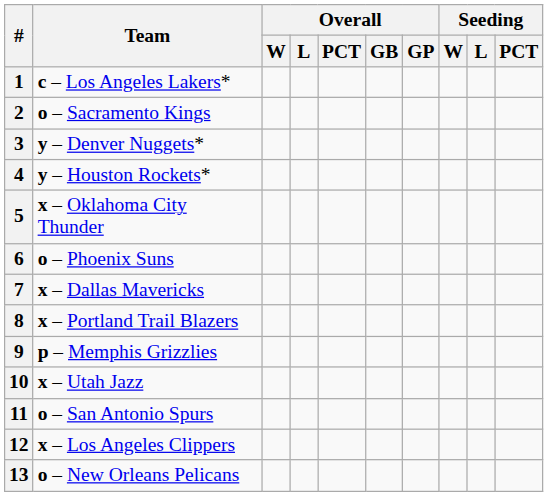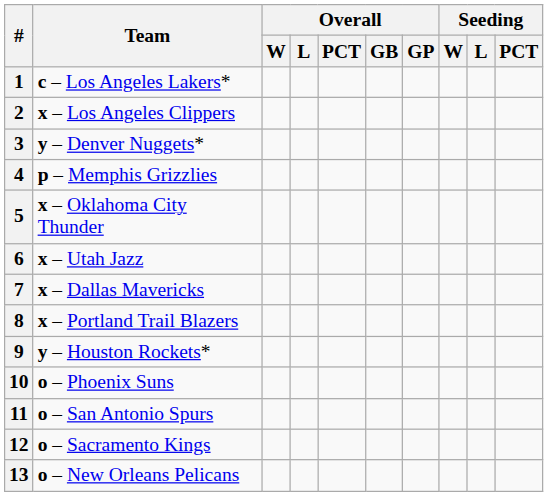 <table class="wikitable">
 <tr>
 <th rowspan="2" width="15">#</th>
 <th rowspan="2" width="180">Team</th>
 <th colspan="5">Overall</th>
 <th colspan="3">Seeding</th>
 </tr>
 <tr>
 <th width="15">W</th>
 <th width="15">L</th>
 <th>PCT</th>
 <th>GB</th>
 <th>GP</th>
 <th width="15">W</th>
 <th width="15">L</th>
 <th>PCT</th>
 </tr>
 <tr>
 <th>1</th>
 <td><strong>c</strong> – <a href='#'>Los Angeles Lakers</a>*</td>
 <td></td>
 <td></td>
 <td></td>
 <td></td>
 <td></td>
 <td></td>
 <td></td>
 <td></td>
 </tr>
 <tr>
 <th>2</th>
-<td><strong>o</strong> – <a href='#'>Sacramento Kings</a></td>
+<td><strong>x</strong> – <a href='#'>Los Angeles Clippers</a></td>
 <td></td>
 <td></td>
 <td></td>
 <td></td>
 <td></td>
 <td></td>
 <td></td>
 <td></td>
 </tr>
 <tr>
 <th>3</th>
 <td><strong>y</strong> – <a href='#'>Denver Nuggets</a>*</td>
 <td></td>
 <td></td>
 <td></td>
 <td></td>
 <td></td>
 <td></td>
 <td></td>
 <td></td>
 </tr>
 <tr>
 <th>4</th>
-<td><strong>y</strong> – <a href='#'>Houston Rockets</a>*</td>
+<td><strong>p</strong> – <a href='#'>Memphis Grizzlies</a></td>
 <td></td>
 <td></td>
 <td></td>
 <td></td>
 <td></td>
 <td></td>
 <td></td>
 <td></td>
 </tr>
 <tr>
 <th>5</th>
 <td><strong>x</strong> – <a href='#'>Oklahoma City Thunder</a></td>
 <td></td>
 <td></td>
 <td></td>
 <td></td>
 <td></td>
 <td></td>
 <td></td>
 <td></td>
 </tr>
 <tr>
 <th>6</th>
-<td><strong>o</strong> – <a href='#'>Phoenix Suns</a></td>
+<td><strong>x</strong> – <a href='#'>Utah Jazz</a></td>
 <td></td>
 <td></td>
 <td></td>
 <td></td>
 <td></td>
 <td></td>
 <td></td>
 <td></td>
 </tr>
 <tr>
 <th>7</th>
 <td><strong>x</strong> – <a href='#'>Dallas Mavericks</a></td>
 <td></td>
 <td></td>
 <td></td>
 <td></td>
 <td></td>
 <td></td>
 <td></td>
 <td></td>
 </tr>
 <tr>
 <th>8</th>
 <td><strong>x</strong> – <a href='#'>Portland Trail Blazers</a></td>
 <td></td>
 <td></td>
 <td></td>
 <td></td>
 <td></td>
 <td></td>
 <td></td>
 <td></td>
 </tr>
 <tr>
 <th>9</th>
-<td><strong>p</strong> – <a href='#'>Memphis Grizzlies</a></td>
+<td><strong>y</strong> – <a href='#'>Houston Rockets</a>*</td>
 <td></td>
 <td></td>
 <td></td>
 <td></td>
 <td></td>
 <td></td>
 <td></td>
 <td></td>
 </tr>
 <tr>
 <th>10</th>
-<td><strong>x</strong> – <a href='#'>Utah Jazz</a></td>
+<td><strong>o</strong> – <a href='#'>Phoenix Suns</a></td>
 <td></td>
 <td></td>
 <td></td>
 <td></td>
 <td></td>
 <td></td>
 <td></td>
 <td></td>
 </tr>
 <tr>
 <th>11</th>
 <td><strong>o</strong> – <a href='#'>San Antonio Spurs</a></td>
 <td></td>
 <td></td>
 <td></td>
 <td></td>
 <td></td>
 <td></td>
 <td></td>
 <td></td>
 </tr>
 <tr>
 <th>12</th>
-<td><strong>x</strong> – <a href='#'>Los Angeles Clippers</a></td>
+<td><strong>o</strong> – <a href='#'>Sacramento Kings</a></td>
 <td></td>
 <td></td>
 <td></td>
 <td></td>
 <td></td>
 <td></td>
 <td></td>
 <td></td>
 </tr>
 <tr>
 <th>13</th>
 <td><strong>o</strong> – <a href='#'>New Orleans Pelicans</a></td>
 <td></td>
 <td></td>
 <td></td>
 <td></td>
 <td></td>
 <td></td>
 <td></td>
 <td></td>
 </tr>
 </table>
